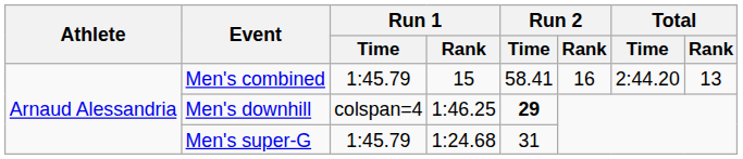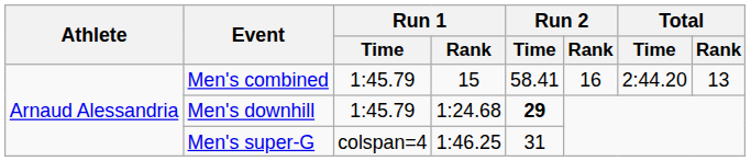 <table class=wikitable style=font-size:90%;text-align:center>
 <tr>
 <th rowspan=2>Athlete</th>
 <th rowspan=2>Event</th>
 <th colspan=2>Run 1</th>
 <th colspan=2>Run 2</th>
 <th colspan=2>Total</th>
 </tr>
 <tr style=font-size:95%>
 <th>Time</th>
 <th>Rank</th>
 <th>Time</th>
 <th>Rank</th>
 <th>Time</th>
 <th>Rank</th>
 </tr>
 <tr>
 <td align=left rowspan=3><a href='#'>Arnaud Alessandria</a></td>
 <td align=left><a href='#'>Men's combined</a></td>
 <td>1:45.79</td>
 <td>15</td>
 <td>58.41</td>
 <td>16</td>
 <td>2:44.20</td>
 <td>13</td>
 </tr>
 <tr>
 <td align=left><a href='#'>Men's downhill</a></td>
-<td>colspan=4 </td>
-<td>1:46.25</td>
+<td>1:45.79</td>
+<td>1:24.68</td>
 <td><strong>29</strong></td>
 </tr>
 <tr>
 <td align=left><a href='#'>Men's super-G</a></td>
-<td>1:45.79</td>
-<td>1:24.68</td>
+<td>colspan=4  </td>
+<td>1:46.25</td>
 <td>31</td>
 </tr>
 </table>
